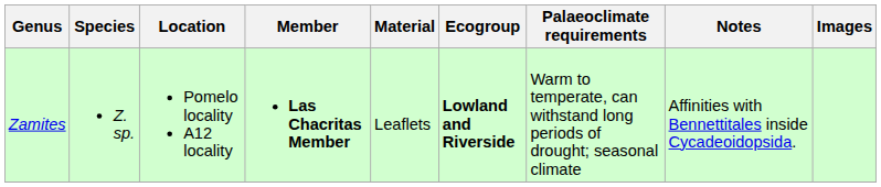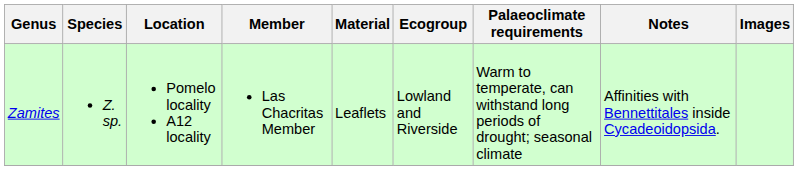 <table class="wikitable sortable">
 <tr>
 <th>Genus</th>
 <th>Species</th>
 <th>Location</th>
 <th>Member</th>
 <th>Material</th>
 <th>Ecogroup</th>
 <th>Palaeoclimate requirements</th>
 <th>Notes</th>
 <th>Images</th>
 </tr>
 <tr>
 <td style="background:#D1FFCF;"><br><em><a href='#'>Zamites</a></em></td>
 <td style="background:#D1FFCF;"><br><ul><li><em>Z. sp.</em></li></ul></td>
 <td style="background:#D1FFCF;"><br><ul><li>Pomelo locality</li><li>A12 locality</li></ul></td>
-<td style="background:#D1FFCF;"><strong><br><ul><li>Las Chacritas Member</li></ul></strong></td>
+<td style="background:#D1FFCF;"><br><ul><li>Las Chacritas Member</li></ul></td>
 <td style="background:#D1FFCF;"><br>Leaflets</td>
-<td style="background:#D1FFCF;"><strong><br>Lowland and Riverside</strong></td>
+<td style="background:#D1FFCF;"><br>Lowland and Riverside</td>
 <td style="background:#D1FFCF;"><br>Warm to temperate, can withstand long periods of drought; seasonal climate</td>
 <td style="background:#D1FFCF;"><br>Affinities with <a href='#'>Bennettitales</a> inside <a href='#'>Cycadeoidopsida</a>.</td>
 <td style="background:#D1FFCF;"><br></td>
 </tr>
 <tr>
 </tr>
 </table>
